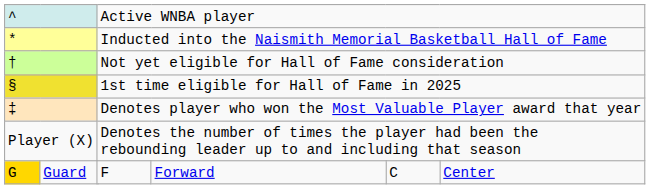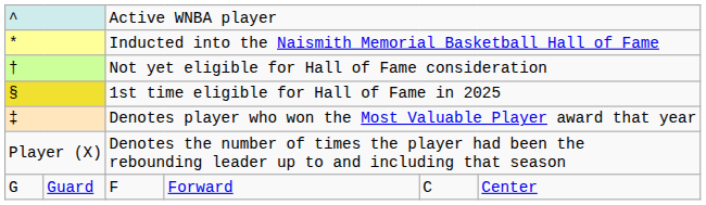 <table class="wikitable">
 <tr>
 <td colspan=2 style="background:#CFECEC; width:1em">^</td>
 <td colspan=5>Active WNBA player</td>
 </tr>
 <tr>
 <td colspan=2 style="background:#FFFF99; width:1em">*</td>
 <td colspan=5>Inducted into the <a href='#'>Naismith Memorial Basketball Hall of Fame</a></td>
 </tr>
 <tr>
 <td colspan=2 style="background:#CCFF99; width:1em">†</td>
 <td colspan=5>Not yet eligible for Hall of Fame consideration</td>
 </tr>
 <tr>
 <td colspan=2 style="background:#F0E130; width:1em">§</td>
 <td colspan=5>1st time eligible for Hall of Fame in 2025</td>
 </tr>
 <tr>
 <td style="background-color:#FFE6BD; border:1px solid #aaaaaa; width:6em" colspan=2>‡</td>
 <td colspan=5>Denotes player who won the <a href='#'>Most Valuable Player</a> award that year</td>
 </tr>
 <tr>
 <td colspan=2>Player (X)</td>
 <td colspan=5>Denotes the number of times the player had been the<br>rebounding leader up to and including that season</td>
 </tr>
 <tr>
-<td style="background: gold; width:2em">G</td>
+<td style="width:2em">G</td>
 <td colspan=2><a href='#'>Guard</a></td>
 <td>F</td>
 <td><a href='#'>Forward</a></td>
 <td>C</td>
 <td><a href='#'>Center</a></td>
 </tr>
 </table>
